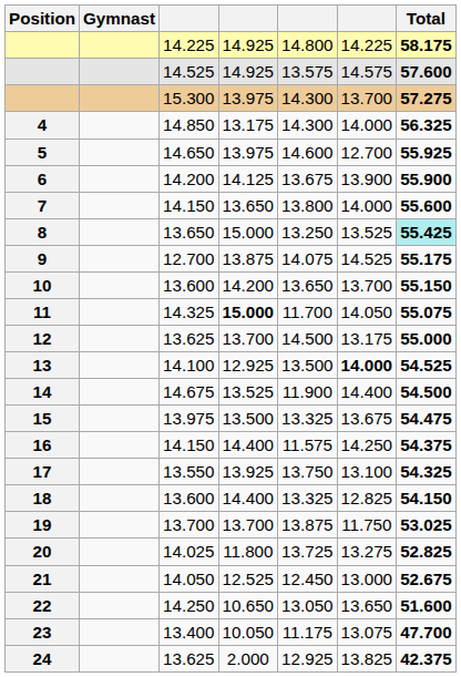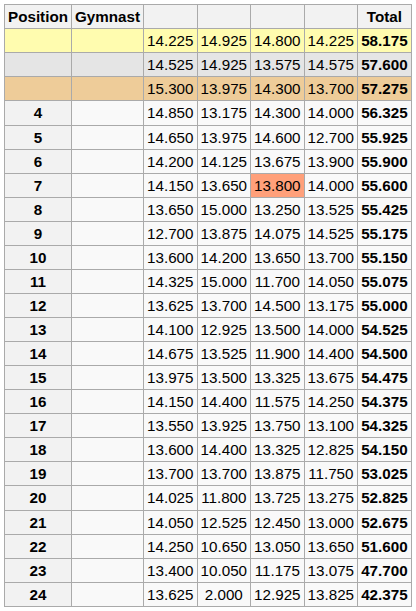 <table class="wikitable sortable" style="text-align:center; font-size:95%">
 <tr>
 <th>Position</th>
 <th>Gymnast</th>
 <th></th>
 <th></th>
 <th></th>
 <th></th>
 <th>Total</th>
 </tr>
 <tr bgcolor=fffcaf>
 <td></td>
 <td align=left></td>
 <td>14.225</td>
 <td>14.925</td>
 <td>14.800</td>
 <td>14.225</td>
 <td><strong>58.175</strong></td>
 </tr>
 <tr bgcolor=e5e5e5>
 <td></td>
 <td align=left></td>
 <td>14.525</td>
 <td>14.925</td>
 <td>13.575</td>
 <td>14.575</td>
 <td><strong>57.600</strong></td>
 </tr>
 <tr bgcolor=eecc99>
 <td></td>
 <td align=left></td>
 <td>15.300</td>
 <td>13.975</td>
 <td>14.300</td>
 <td>13.700</td>
 <td><strong>57.275</strong></td>
 </tr>
 <tr>
 <th><strong>4</strong></th>
 <td align=left></td>
 <td>14.850</td>
 <td>13.175</td>
 <td>14.300</td>
 <td>14.000</td>
 <td><strong>56.325</strong></td>
 </tr>
 <tr>
 <th><strong>5</strong></th>
 <td align=left></td>
 <td>14.650</td>
 <td>13.975</td>
 <td>14.600</td>
 <td>12.700</td>
 <td><strong>55.925</strong></td>
 </tr>
 <tr>
 <th><strong>6</strong></th>
 <td align=left></td>
 <td>14.200</td>
 <td>14.125</td>
 <td>13.675</td>
 <td>13.900</td>
 <td><strong>55.900</strong></td>
 </tr>
 <tr>
 <th><strong>7</strong></th>
 <td align=left></td>
 <td>14.150</td>
 <td>13.650</td>
-<td>13.800</td>
+<td style="background: lightsalmon;">13.800</td>
 <td>14.000</td>
 <td><strong>55.600</strong></td>
 </tr>
 <tr>
 <th><strong>8</strong></th>
 <td align=left></td>
 <td>13.650</td>
 <td>15.000</td>
 <td>13.250</td>
 <td>13.525</td>
-<td style="background: paleturquoise;"><strong>55.425</strong></td>
+<td><strong>55.425</strong></td>
 </tr>
 <tr>
 <th><strong>9</strong></th>
 <td align=left></td>
 <td>12.700</td>
 <td>13.875</td>
 <td>14.075</td>
 <td>14.525</td>
 <td><strong>55.175</strong></td>
 </tr>
 <tr>
 <th><strong>10</strong></th>
 <td align=left></td>
 <td>13.600</td>
 <td>14.200</td>
 <td>13.650</td>
 <td>13.700</td>
 <td><strong>55.150</strong></td>
 </tr>
 <tr>
 <th><strong>11</strong></th>
 <td align=left></td>
 <td>14.325</td>
-<td><strong>15.000</strong></td>
+<td>15.000</td>
 <td>11.700</td>
 <td>14.050</td>
 <td><strong>55.075</strong></td>
 </tr>
 <tr>
 <th><strong>12</strong></th>
 <td align=left></td>
 <td>13.625</td>
 <td>13.700</td>
 <td>14.500</td>
 <td>13.175</td>
 <td><strong>55.000</strong></td>
 </tr>
 <tr>
 <th><strong>13</strong></th>
 <td align=left></td>
 <td>14.100</td>
 <td>12.925</td>
 <td>13.500</td>
-<td><strong>14.000</strong></td>
+<td>14.000</td>
 <td><strong>54.525</strong></td>
 </tr>
 <tr>
 <th><strong>14</strong></th>
 <td align=left></td>
 <td>14.675</td>
 <td>13.525</td>
 <td>11.900</td>
 <td>14.400</td>
 <td><strong>54.500</strong></td>
 </tr>
 <tr>
 <th><strong>15</strong></th>
 <td align=left></td>
 <td>13.975</td>
 <td>13.500</td>
 <td>13.325</td>
 <td>13.675</td>
 <td><strong>54.475</strong></td>
 </tr>
 <tr>
 <th><strong>16</strong></th>
 <td align=left></td>
 <td>14.150</td>
 <td>14.400</td>
 <td>11.575</td>
 <td>14.250</td>
 <td><strong>54.375</strong></td>
 </tr>
 <tr>
 <th><strong>17</strong></th>
 <td align=left></td>
 <td>13.550</td>
 <td>13.925</td>
 <td>13.750</td>
 <td>13.100</td>
 <td><strong>54.325</strong></td>
 </tr>
 <tr>
 <th><strong>18</strong></th>
 <td align=left></td>
 <td>13.600</td>
 <td>14.400</td>
 <td>13.325</td>
 <td>12.825</td>
 <td><strong>54.150</strong></td>
 </tr>
 <tr>
 <th><strong>19</strong></th>
 <td align=left></td>
 <td>13.700</td>
 <td>13.700</td>
 <td>13.875</td>
 <td>11.750</td>
 <td><strong>53.025</strong></td>
 </tr>
 <tr>
 <th><strong>20</strong></th>
 <td align=left></td>
 <td>14.025</td>
 <td>11.800</td>
 <td>13.725</td>
 <td>13.275</td>
 <td><strong>52.825</strong></td>
 </tr>
 <tr>
 <th><strong>21</strong></th>
 <td align=left></td>
 <td>14.050</td>
 <td>12.525</td>
 <td>12.450</td>
 <td>13.000</td>
 <td><strong>52.675</strong></td>
 </tr>
 <tr>
 <th><strong>22</strong></th>
 <td align=left></td>
 <td>14.250</td>
 <td>10.650</td>
 <td>13.050</td>
 <td>13.650</td>
 <td><strong>51.600</strong></td>
 </tr>
 <tr>
 <th><strong>23</strong></th>
 <td align=left></td>
 <td>13.400</td>
 <td>10.050</td>
 <td>11.175</td>
 <td>13.075</td>
 <td><strong>47.700</strong></td>
 </tr>
 <tr>
 <th><strong>24</strong></th>
 <td align=left></td>
 <td>13.625</td>
 <td>2.000</td>
 <td>12.925</td>
 <td>13.825</td>
 <td><strong>42.375</strong></td>
 </tr>
 <tr>
 </tr>
 </table>
